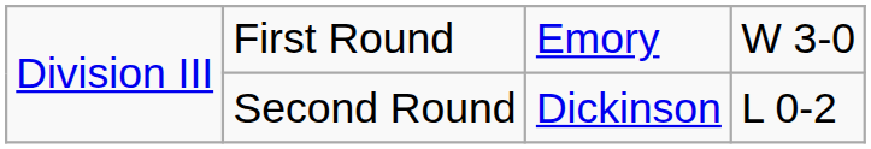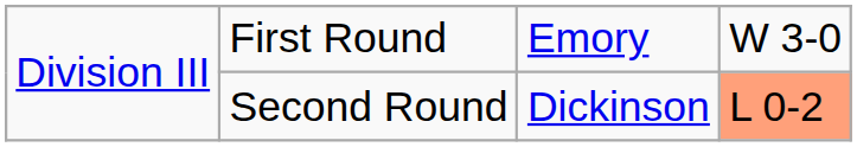 <table class="wikitable">
 <tr>
 <td rowspan="2"><a href='#'>Division III</a></td>
 <td>First Round</td>
 <td><a href='#'>Emory</a></td>
 <td>W 3-0</td>
 </tr>
 <tr>
 <td>Second Round</td>
 <td><a href='#'>Dickinson</a></td>
-<td>L 0-2</td>
+<td style="background: lightsalmon;">L 0-2</td>
 </tr>
 </table>
